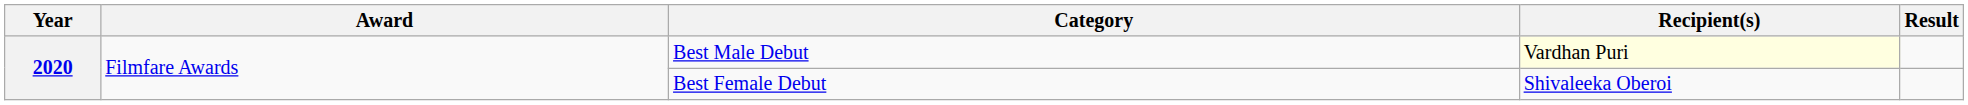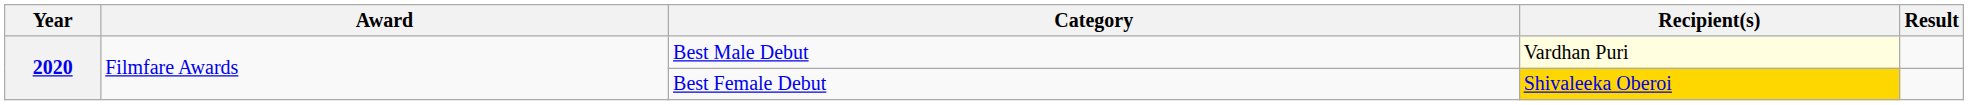 <table class="wikitable sortable plainrowheaders" style="width:99%;">
 <tr>
 <th width="5%">Year</th>
 <th width="30%">Award</th>
 <th width="45%">Category</th>
 <th width="20%">Recipient(s)</th>
 <th width="6%">Result</th>
 </tr>
 <tr>
 <th rowspan="2"><a href='#'>2020</a></th>
 <td rowspan="2"><a href='#'>Filmfare Awards</a></td>
 <td><a href='#'>Best Male Debut</a></td>
 <td style="background: lightyellow;">Vardhan Puri</td>
 <td></td>
 </tr>
 <tr>
 <td><a href='#'>Best Female Debut</a></td>
-<td><a href='#'>Shivaleeka Oberoi</a></td>
+<td style="background: gold;"><a href='#'>Shivaleeka Oberoi</a></td>
 <td></td>
 </tr>
 </table>
